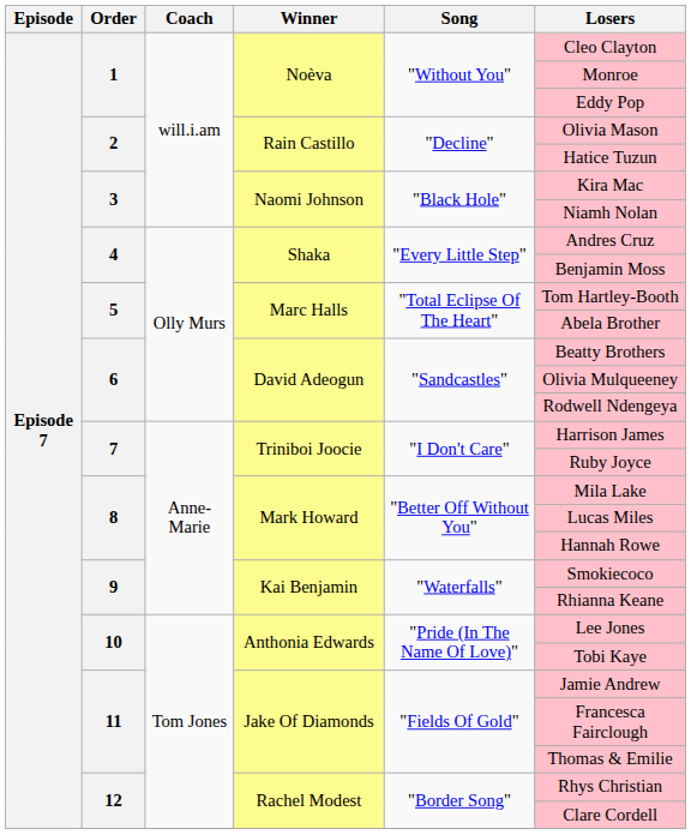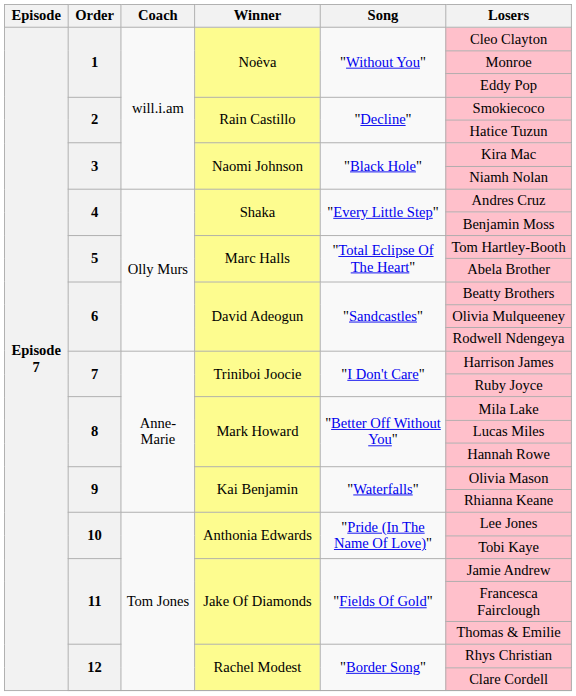 <table class="wikitable" style="text-align: center; width: 100%">
 <tr>
 <th style="width:05%">Episode</th>
 <th style="width:05%">Order</th>
 <th style="width:10%">Coach</th>
 <th style="width:17.5%">Winner</th>
 <th style="width:17.5%">Song</th>
 <th style="width:17.5%">Losers</th>
 </tr>
 <tr>
 <th scope="row" rowspan="34">Episode 7<br></th>
 <th rowspan="3">1</th>
 <td rowspan="7">will.i.am</td>
 <td rowspan="3" bgcolor="#fdfc8f">Noèva</td>
 <td rowspan="3">"<a href='#'>Without You</a>"</td>
 <td bgcolor="pink">Cleo Clayton</td>
 </tr>
 <tr>
 <td bgcolor="pink">Monroe</td>
 </tr>
 <tr>
 <td bgcolor="Pink">Eddy Pop</td>
 </tr>
 <tr>
 <th rowspan="2">2</th>
 <td rowspan="2" bgcolor="#fdfc8f">Rain Castillo</td>
 <td rowspan="2">"<a href='#'>Decline</a>"</td>
-<td bgcolor="pink">Olivia Mason</td>
+<td bgcolor="pink">Smokiecoco</td>
 </tr>
 <tr>
 <td bgcolor="pink">Hatice Tuzun</td>
 </tr>
 <tr>
 <th rowspan="2">3</th>
 <td rowspan="2" bgcolor="#fdfc8f">Naomi Johnson</td>
 <td rowspan="2">"<a href='#'>Black Hole</a>"</td>
 <td bgcolor="pink">Kira Mac</td>
 </tr>
 <tr>
 <td bgcolor="pink">Niamh Nolan</td>
 </tr>
 <tr>
 <th rowspan="2">4</th>
 <td rowspan="7">Olly Murs</td>
 <td rowspan="2" bgcolor="#fdfc8f">Shaka</td>
 <td rowspan="2">"<a href='#'>Every Little Step</a>"</td>
 <td bgcolor="pink">Andres Cruz</td>
 </tr>
 <tr>
 <td bgcolor="pink">Benjamin Moss</td>
 </tr>
 <tr>
 <th rowspan="2">5</th>
 <td rowspan="2" bgcolor="#fdfc8f">Marc Halls</td>
 <td rowspan="2">"<a href='#'>Total Eclipse Of The Heart</a>"</td>
 <td bgcolor="pink">Tom Hartley-Booth</td>
 </tr>
 <tr>
 <td bgcolor="pink">Abela Brother</td>
 </tr>
 <tr>
 <th rowspan="3">6</th>
 <td rowspan="3" bgcolor="#fdfc8f">David Adeogun</td>
 <td rowspan="3">"<a href='#'>Sandcastles</a>"</td>
 <td bgcolor="pink">Beatty Brothers</td>
 </tr>
 <tr>
 <td bgcolor="pink">Olivia Mulqueeney</td>
 </tr>
 <tr>
 <td bgcolor="pink">Rodwell Ndengeya</td>
 </tr>
 <tr>
 <th rowspan="2">7</th>
 <td rowspan="7">Anne-Marie</td>
 <td rowspan="2" bgcolor="#fdfc8f">Triniboi Joocie</td>
 <td rowspan="2">"<a href='#'>I Don't Care</a>"</td>
 <td bgcolor="pink">Harrison James</td>
 </tr>
 <tr>
 <td bgcolor="pink">Ruby Joyce</td>
 </tr>
 <tr>
 <th rowspan="3">8</th>
 <td rowspan="3" bgcolor="#fdfc8f">Mark Howard</td>
 <td rowspan="3">"<a href='#'>Better Off Without You</a>"</td>
 <td bgcolor="pink">Mila Lake</td>
 </tr>
 <tr>
 <td bgcolor="pink">Lucas Miles</td>
 </tr>
 <tr>
 <td bgcolor="pink">Hannah Rowe</td>
 </tr>
 <tr>
 <th rowspan="2">9</th>
 <td rowspan="2" bgcolor="#fdfc8f">Kai Benjamin</td>
 <td rowspan="2">"<a href='#'>Waterfalls</a>"</td>
-<td bgcolor="pink">Smokiecoco</td>
+<td bgcolor="pink">Olivia Mason</td>
 </tr>
 <tr>
 <td bgcolor="pink">Rhianna Keane</td>
 </tr>
 <tr>
 <th rowspan="2">10</th>
 <td rowspan="7">Tom Jones</td>
 <td rowspan="2" bgcolor="#fdfc8f">Anthonia Edwards</td>
 <td rowspan="2">"<a href='#'>Pride (In The Name Of Love)</a>"</td>
 <td bgcolor="pink">Lee Jones</td>
 </tr>
 <tr>
 <td bgcolor="pink">Tobi Kaye</td>
 </tr>
 <tr>
 <th rowspan="3">11</th>
 <td rowspan="3" bgcolor="#fdfc8f">Jake Of Diamonds</td>
 <td rowspan="3">"<a href='#'>Fields Of Gold</a>"</td>
 <td bgcolor="pink">Jamie Andrew</td>
 </tr>
 <tr>
 <td bgcolor="pink">Francesca Fairclough</td>
 </tr>
 <tr>
 <td bgcolor="Pink">Thomas & Emilie</td>
 </tr>
 <tr>
 <th rowspan="2">12</th>
 <td rowspan="2" bgcolor="#fdfc8f">Rachel Modest</td>
 <td rowspan="2">"<a href='#'>Border Song</a>"</td>
 <td bgcolor="pink">Rhys Christian</td>
 </tr>
 <tr>
 <td bgcolor="pink">Clare Cordell</td>
 </tr>
 <tr>
 </tr>
 </table>
